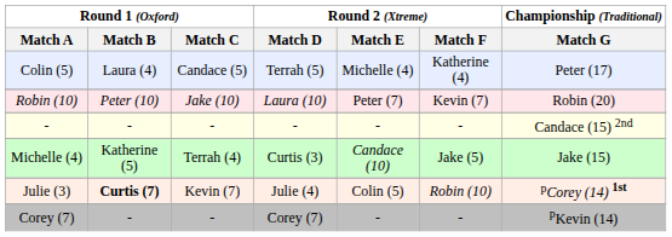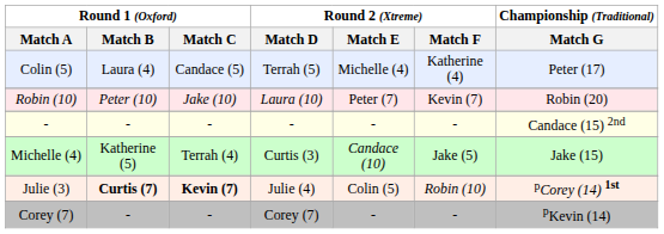 <table class="wikitable" style="text-align:center;">
 <tr>
 <th colspan="3" style="background: #ffffff;">Round 1 <small><em>(Oxford)</em></small></th>
 <th colspan="3" style="background: #ffffff;">Round 2 <small><em>(Xtreme)</em></small></th>
 <th colspan="2" style="background: #ffffff;">Championship <small><em>(Traditional)</em></small></th>
 </tr>
 <tr>
 <th style="width:85px;">Match A</th>
 <th style="width:85px;">Match B</th>
 <th style="width:85px;">Match C</th>
 <th style="width:85px;">Match D</th>
 <th style="width:85px;">Match E</th>
 <th style="width:85px;">Match F</th>
 <th colspan="2">Match G</th>
 </tr>
 <tr style="background:#e6eeff;">
 <td align=center>Colin (5)</td>
 <td>Laura (4)</td>
 <td>Candace (5)</td>
 <td>Terrah (5)</td>
 <td>Michelle (4)</td>
 <td>Katherine (4)</td>
 <td>Peter (17)</td>
 </tr>
 <tr>
 </tr>
 <tr style="background:#ffe6ea;">
 <td align=center><em>Robin (10)</em></td>
 <td><em>Peter (10)</em></td>
 <td><em>Jake (10)</em></td>
 <td><em>Laura (10)</em></td>
 <td>Peter (7)</td>
 <td>Kevin (7)</td>
 <td>Robin (20)</td>
 </tr>
 <tr>
 </tr>
 <tr style="background:#FFFFE6;">
 <td align=center>-</td>
 <td>-</td>
 <td>-</td>
 <td>-</td>
 <td>-</td>
 <td>-</td>
 <td>Candace (15) <sup>2nd</sup></td>
 </tr>
 <tr>
 </tr>
 <tr style="background:#cfc;">
 <td align=center>Michelle (4)</td>
 <td>Katherine (5)</td>
 <td>Terrah (4)</td>
 <td>Curtis (3)</td>
 <td><em>Candace (10)</em></td>
 <td>Jake (5)</td>
 <td>Jake (15)</td>
 </tr>
 <tr>
 </tr>
 <tr style="background:#ffeee6;">
 <td align=center>Julie (3)</td>
 <td><strong>Curtis (7)</strong></td>
-<td>Kevin (7)</td>
+<td><strong>Kevin (7)</strong></td>
 <td>Julie (4)</td>
 <td>Colin (5)</td>
 <td><em>Robin (10)</em></td>
 <td><sup>p</sup><em>Corey (14)</em> <strong><sup>1st</sup></strong></td>
 </tr>
 <tr>
 </tr>
 <tr style="background:#bfbfbf;">
 <td align=center>Corey (7)</td>
 <td>-</td>
 <td>-</td>
 <td>Corey (7)</td>
 <td>-</td>
 <td>-</td>
 <td><sup>p</sup>Kevin (14)</td>
 </tr>
 </table>
